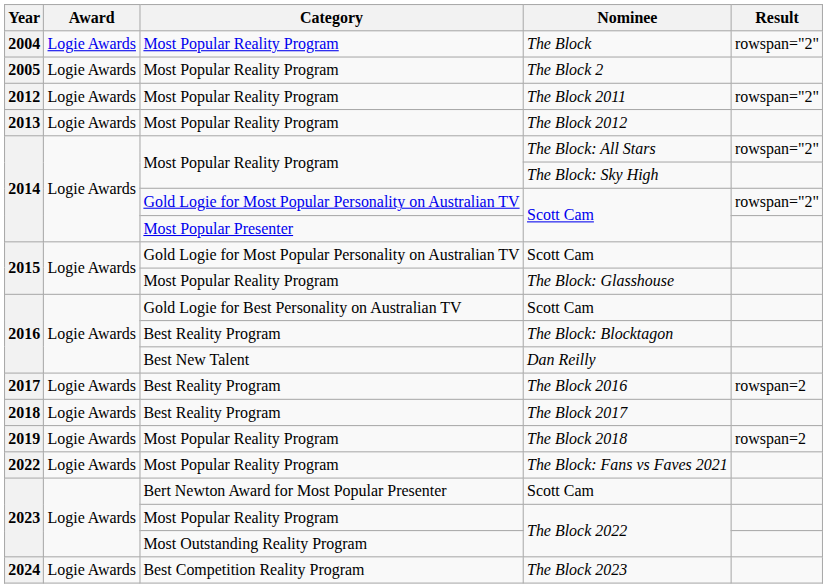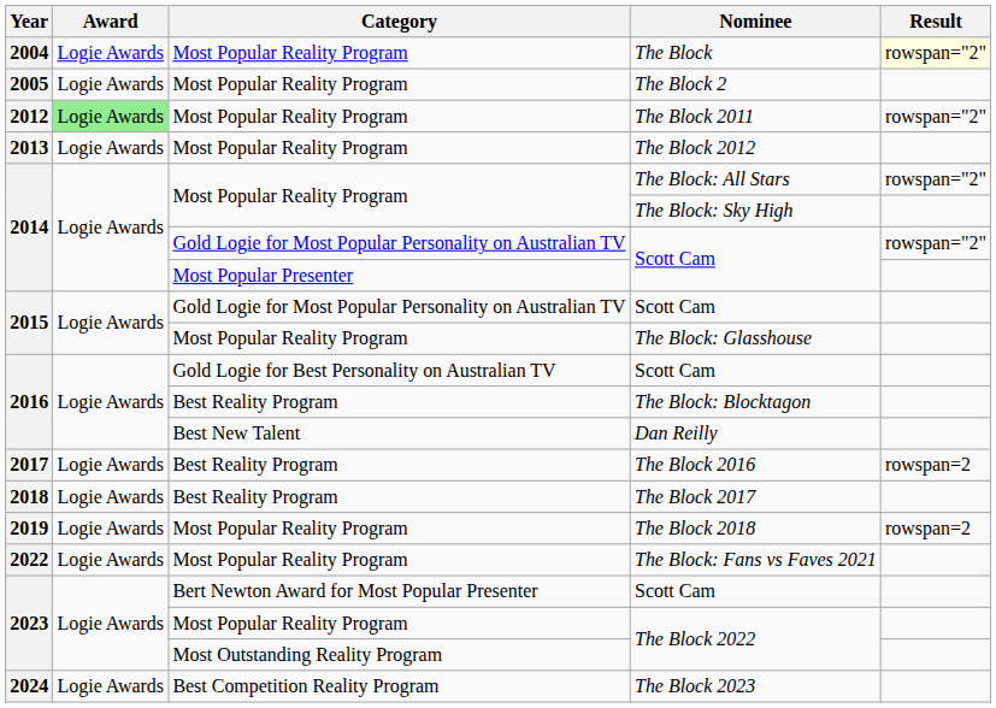 <table class="wikitable plainrowheaders" style="font-size: 95%;">
 <tr>
 <th scope="col">Year</th>
 <th scope="col">Award</th>
 <th scope="col">Category</th>
 <th scope="col">Nominee</th>
 <th scope="col">Result</th>
 </tr>
 <tr>
 <th scope="row">2004</th>
 <td><a href='#'>Logie Awards</a></td>
 <td><a href='#'>Most Popular Reality Program</a></td>
 <td><em>The Block</em></td>
-<td>rowspan="2" </td>
+<td style="background: lightyellow;">rowspan="2" </td>
 </tr>
 <tr>
 <th scope="row">2005</th>
 <td>Logie Awards</td>
 <td>Most Popular Reality Program</td>
 <td><em>The Block 2</em></td>
 </tr>
 <tr>
 <th scope="row">2012</th>
-<td>Logie Awards</td>
+<td style="background: lightgreen;">Logie Awards</td>
 <td>Most Popular Reality Program</td>
 <td><em>The Block 2011</em></td>
 <td>rowspan="2" </td>
 </tr>
 <tr>
 <th scope="row">2013</th>
 <td>Logie Awards</td>
 <td>Most Popular Reality Program</td>
 <td><em>The Block 2012</em></td>
 </tr>
 <tr>
 <th scope="row" rowspan="4">2014</th>
 <td rowspan="4">Logie Awards</td>
 <td rowspan="2">Most Popular Reality Program</td>
 <td><em>The Block: All Stars</em></td>
 <td>rowspan="2" </td>
 </tr>
 <tr>
 <td><em>The Block: Sky High</em></td>
 </tr>
 <tr>
 <td><a href='#'>Gold Logie for Most Popular Personality on Australian TV</a></td>
 <td rowspan="2"><a href='#'>Scott Cam</a></td>
 <td>rowspan="2" </td>
 </tr>
 <tr>
 <td><a href='#'>Most Popular Presenter</a></td>
 </tr>
 <tr>
 <th scope="row" rowspan="2">2015</th>
 <td rowspan="2">Logie Awards</td>
 <td>Gold Logie for Most Popular Personality on Australian TV</td>
 <td>Scott Cam</td>
 <td></td>
 </tr>
 <tr>
 <td>Most Popular Reality Program</td>
 <td><em>The Block: Glasshouse</em></td>
 <td></td>
 </tr>
 <tr>
 <th scope="row" rowspan="3">2016</th>
 <td rowspan="3">Logie Awards</td>
 <td>Gold Logie for Best Personality on Australian TV</td>
 <td>Scott Cam</td>
 <td></td>
 </tr>
 <tr>
 <td>Best Reality Program</td>
 <td><em>The Block: Blocktagon</em></td>
 <td></td>
 </tr>
 <tr>
 <td>Best New Talent</td>
 <td><em>Dan Reilly</em></td>
 <td></td>
 </tr>
 <tr>
 <th scope="row">2017</th>
 <td>Logie Awards</td>
 <td>Best Reality Program</td>
 <td><em>The Block 2016</em></td>
 <td>rowspan=2 </td>
 </tr>
 <tr>
 <th scope="row">2018</th>
 <td>Logie Awards</td>
 <td>Best Reality Program</td>
 <td><em>The Block 2017</em></td>
 </tr>
 <tr>
 <th scope="row">2019</th>
 <td>Logie Awards</td>
 <td>Most Popular Reality Program</td>
 <td><em>The Block 2018</em></td>
 <td>rowspan=2 </td>
 </tr>
 <tr>
 <th scope="row">2022</th>
 <td>Logie Awards</td>
 <td>Most Popular Reality Program</td>
 <td><em>The Block: Fans vs Faves 2021</em></td>
 </tr>
 <tr>
 <th rowspan=3 scope="row">2023</th>
 <td rowspan=3>Logie Awards</td>
 <td>Bert Newton Award for Most Popular Presenter</td>
 <td>Scott Cam</td>
 <td></td>
 </tr>
 <tr>
 <td>Most Popular Reality Program</td>
 <td rowspan=2><em>The Block 2022</em></td>
 <td></td>
 </tr>
 <tr>
 <td>Most Outstanding Reality Program</td>
 <td></td>
 </tr>
 <tr>
 <th scope="row">2024</th>
 <td>Logie Awards</td>
 <td>Best Competition Reality Program</td>
 <td><em>The Block 2023</em></td>
 <td></td>
 </tr>
 </table>
